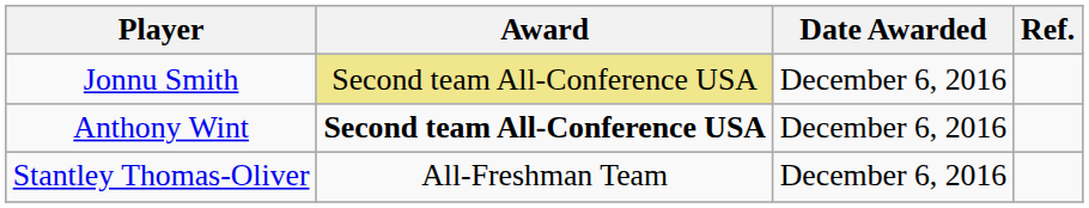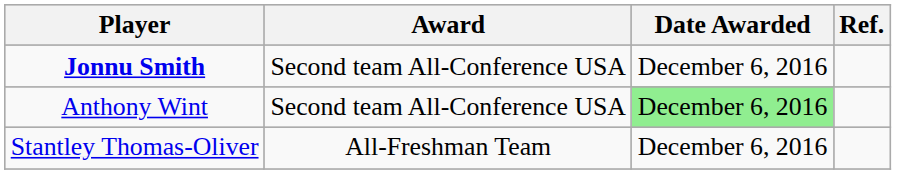 <table class="wikitable sortable sortable" style="text-align: center">
 <tr>
 <th>Player</th>
 <th>Award</th>
 <th>Date Awarded</th>
 <th>Ref.</th>
 </tr>
 <tr>
-<td><a href='#'>Jonnu Smith</a></td>
-<td style="background: khaki;">Second team All-Conference USA</td>
+<td><strong><a href='#'>Jonnu Smith</a></strong></td>
+<td>Second team All-Conference USA</td>
 <td>December 6, 2016</td>
 <td></td>
 </tr>
 <tr>
 <td><a href='#'>Anthony Wint</a></td>
-<td><strong>Second team All-Conference USA</strong></td>
-<td>December 6, 2016</td>
+<td>Second team All-Conference USA</td>
+<td style="background: lightgreen;">December 6, 2016</td>
 <td></td>
 </tr>
 <tr>
 <td><a href='#'>Stantley Thomas-Oliver</a></td>
 <td>All-Freshman Team</td>
 <td>December 6, 2016</td>
 <td></td>
 </tr>
 </table>
